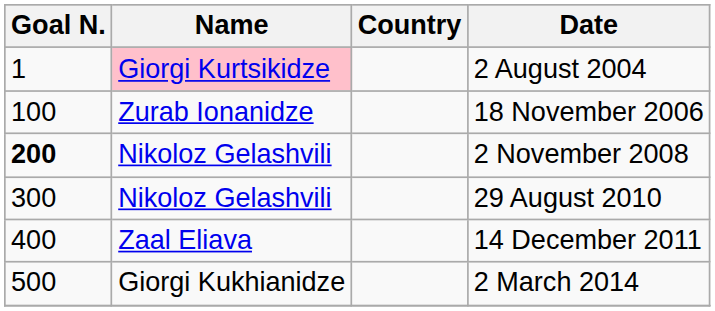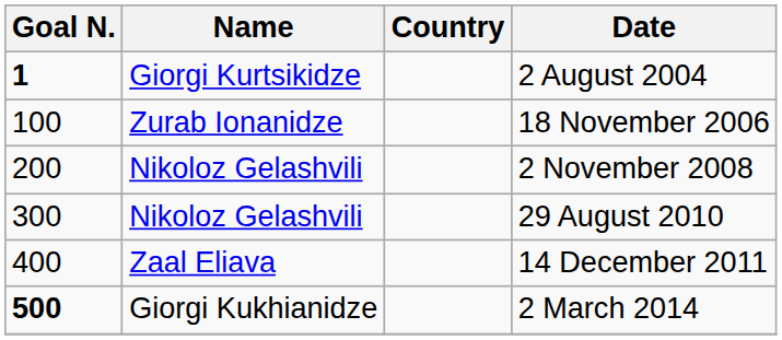 <table class="wikitable">
 <tr>
 <th>Goal N.</th>
 <th>Name</th>
 <th>Country</th>
 <th>Date</th>
 </tr>
 <tr>
-<td>1</td>
-<td style="background: pink;"><a href='#'>Giorgi Kurtsikidze</a></td>
+<td><strong>1</strong></td>
+<td><a href='#'>Giorgi Kurtsikidze</a></td>
 <td></td>
 <td>2 August 2004</td>
 </tr>
 <tr>
 <td>100</td>
 <td><a href='#'>Zurab Ionanidze</a></td>
 <td></td>
 <td>18 November 2006</td>
 </tr>
 <tr>
-<td><strong>200</strong></td>
+<td>200</td>
 <td><a href='#'>Nikoloz Gelashvili</a></td>
 <td></td>
 <td>2 November 2008</td>
 </tr>
 <tr>
 <td>300</td>
 <td><a href='#'>Nikoloz Gelashvili</a></td>
 <td></td>
 <td>29 August 2010</td>
 </tr>
 <tr>
 <td>400</td>
 <td><a href='#'>Zaal Eliava</a></td>
 <td></td>
 <td>14 December 2011</td>
 </tr>
 <tr>
-<td>500</td>
+<td><strong>500</strong></td>
 <td>Giorgi Kukhianidze</td>
 <td></td>
 <td>2 March 2014</td>
 </tr>
 <tr>
 </tr>
 </table>
